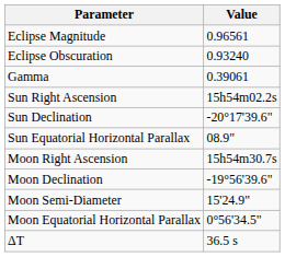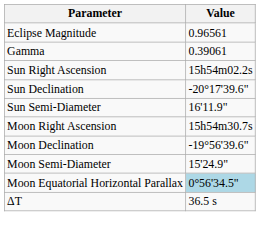 <table class="wikitable">
 <tr>
 <th>Parameter</th>
 <th>Value</th>
 </tr>
 <tr>
 <td>Eclipse Magnitude</td>
 <td>0.96561</td>
-</tr>
-<tr>
-<td>Eclipse Obscuration</td>
-<td>0.93240</td>
 </tr>
 <tr>
 <td>Gamma</td>
 <td>0.39061</td>
 </tr>
 <tr>
 <td>Sun Right Ascension</td>
 <td>15h54m02.2s</td>
 </tr>
 <tr>
 <td>Sun Declination</td>
 <td>-20°17'39.6"</td>
 </tr>
 <tr>
-<td>Sun Equatorial Horizontal Parallax</td>
-<td>08.9"</td>
+<td>Sun Semi-Diameter</td>
+<td>16'11.9"</td>
 </tr>
 <tr>
 <td>Moon Right Ascension</td>
 <td>15h54m30.7s</td>
 </tr>
 <tr>
 <td>Moon Declination</td>
 <td>-19°56'39.6"</td>
 </tr>
 <tr>
 <td>Moon Semi-Diameter</td>
 <td>15'24.9"</td>
 </tr>
 <tr>
 <td>Moon Equatorial Horizontal Parallax</td>
-<td>0°56'34.5"</td>
+<td style="background: lightblue;">0°56'34.5"</td>
 </tr>
 <tr>
 <td>ΔT</td>
 <td>36.5 s</td>
 </tr>
 </table>
